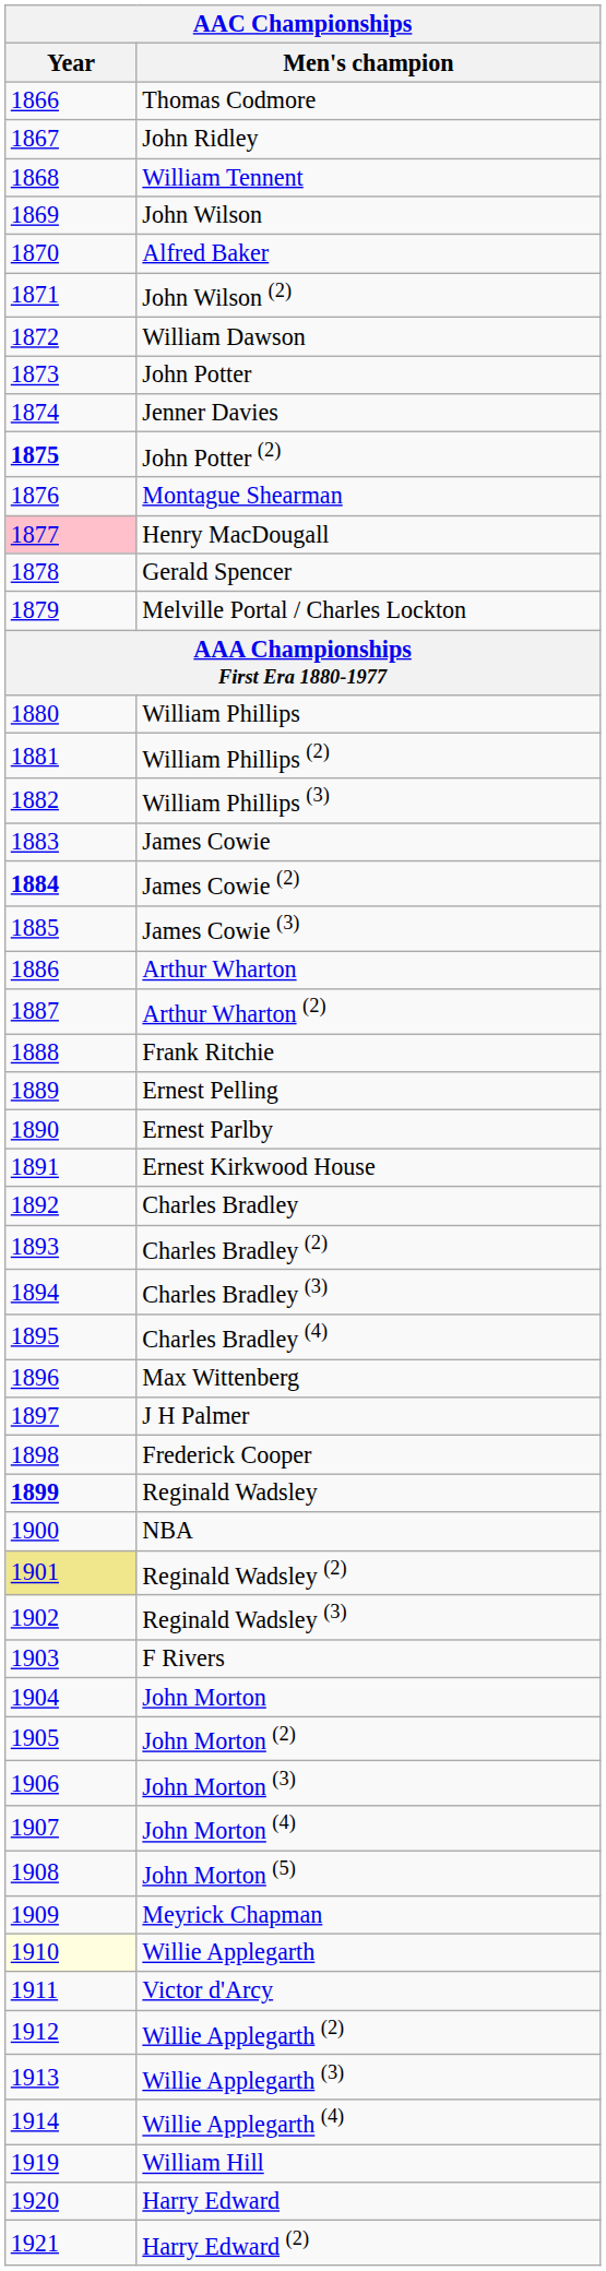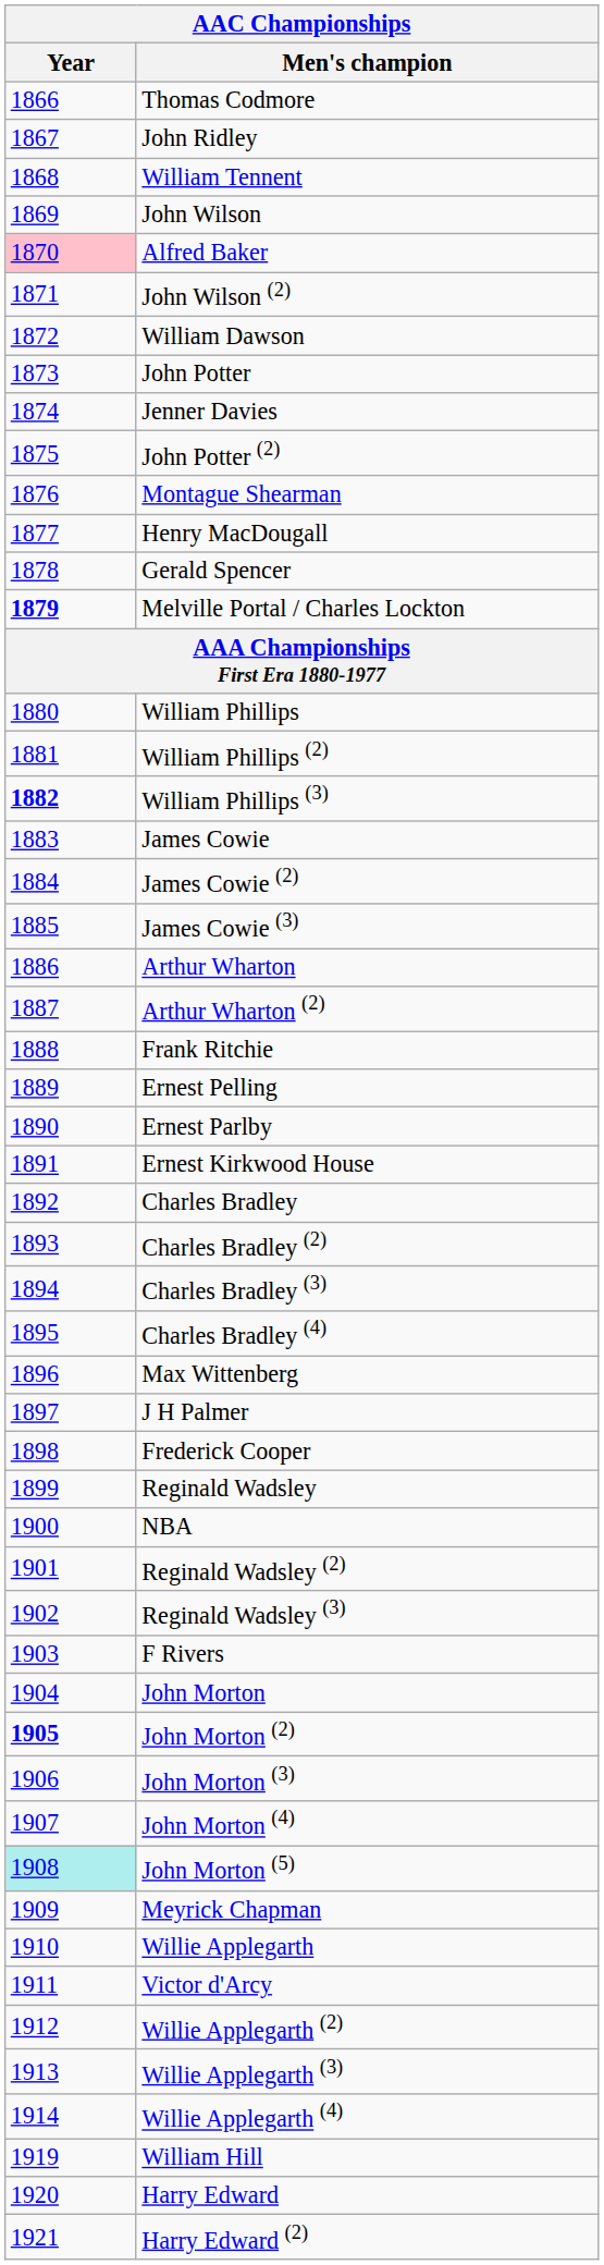 <table class="wikitable">
 <tr>
 <th colspan="2"><a href='#'>AAC Championships</a><br></th>
 </tr>
 <tr>
 <th width=80>Year</th>
 <th width=300>Men's champion</th>
 </tr>
 <tr>
 <td><a href='#'>1866</a></td>
 <td>Thomas Codmore</td>
 </tr>
 <tr>
 <td><a href='#'>1867</a></td>
 <td>John Ridley</td>
 </tr>
 <tr>
 <td><a href='#'>1868</a></td>
 <td><a href='#'>William Tennent</a></td>
 </tr>
 <tr>
 <td><a href='#'>1869</a></td>
 <td>John Wilson</td>
 </tr>
 <tr>
-<td><a href='#'>1870</a></td>
+<td style="background: pink;"><a href='#'>1870</a></td>
 <td><a href='#'>Alfred Baker</a></td>
 </tr>
 <tr>
 <td><a href='#'>1871</a></td>
 <td>John Wilson <sup>(2)</sup></td>
 </tr>
 <tr>
 <td><a href='#'>1872</a></td>
 <td>William Dawson</td>
 </tr>
 <tr>
 <td><a href='#'>1873</a></td>
 <td>John Potter</td>
 </tr>
 <tr>
 <td><a href='#'>1874</a></td>
 <td>Jenner Davies</td>
 </tr>
 <tr>
-<td><strong><a href='#'>1875</a></strong></td>
+<td><a href='#'>1875</a></td>
 <td>John Potter <sup>(2)</sup></td>
 </tr>
 <tr>
 <td><a href='#'>1876</a></td>
 <td><a href='#'>Montague Shearman</a></td>
 </tr>
 <tr>
-<td style="background: pink;"><a href='#'>1877</a></td>
+<td><a href='#'>1877</a></td>
 <td>Henry MacDougall</td>
 </tr>
 <tr>
 <td><a href='#'>1878</a></td>
 <td>Gerald Spencer</td>
 </tr>
 <tr>
-<td><a href='#'>1879</a></td>
+<td><strong><a href='#'>1879</a></strong></td>
 <td>Melville Portal / Charles Lockton</td>
 </tr>
 <tr>
 <th colspan="2"><a href='#'>AAA Championships</a><br><em><small>First Era 1880-1977</small></em></th>
 </tr>
 <tr>
 <td><a href='#'>1880</a></td>
 <td>William Phillips</td>
 </tr>
 <tr>
 <td><a href='#'>1881</a></td>
 <td>William Phillips <sup>(2)</sup></td>
 </tr>
 <tr>
-<td><a href='#'>1882</a></td>
+<td><strong><a href='#'>1882</a></strong></td>
 <td>William Phillips <sup>(3)</sup></td>
 </tr>
 <tr>
 <td><a href='#'>1883</a></td>
 <td>James Cowie</td>
 </tr>
 <tr>
-<td><strong><a href='#'>1884</a></strong></td>
+<td><a href='#'>1884</a></td>
 <td>James Cowie <sup>(2)</sup></td>
 </tr>
 <tr>
 <td><a href='#'>1885</a></td>
 <td>James Cowie <sup>(3)</sup></td>
 </tr>
 <tr>
 <td><a href='#'>1886</a></td>
 <td><a href='#'>Arthur Wharton</a></td>
 </tr>
 <tr>
 <td><a href='#'>1887</a></td>
 <td><a href='#'>Arthur Wharton</a> <sup>(2)</sup></td>
 </tr>
 <tr>
 <td><a href='#'>1888</a></td>
 <td>Frank Ritchie</td>
 </tr>
 <tr>
 <td><a href='#'>1889</a></td>
 <td>Ernest Pelling</td>
 </tr>
 <tr>
 <td><a href='#'>1890</a></td>
 <td>Ernest Parlby</td>
 </tr>
 <tr>
 <td><a href='#'>1891</a></td>
 <td>Ernest Kirkwood House</td>
 </tr>
 <tr>
 <td><a href='#'>1892</a></td>
 <td>Charles Bradley</td>
 </tr>
 <tr>
 <td><a href='#'>1893</a></td>
 <td>Charles Bradley <sup>(2)</sup></td>
 </tr>
 <tr>
 <td><a href='#'>1894</a></td>
 <td>Charles Bradley <sup>(3)</sup></td>
 </tr>
 <tr>
 <td><a href='#'>1895</a></td>
 <td>Charles Bradley <sup>(4)</sup></td>
 </tr>
 <tr>
 <td><a href='#'>1896</a></td>
 <td>Max Wittenberg</td>
 </tr>
 <tr>
 <td><a href='#'>1897</a></td>
 <td>J H Palmer</td>
 </tr>
 <tr>
 <td><a href='#'>1898</a></td>
 <td>Frederick Cooper</td>
 </tr>
 <tr>
-<td><strong><a href='#'>1899</a></strong></td>
+<td><a href='#'>1899</a></td>
 <td>Reginald Wadsley</td>
 </tr>
 <tr>
 <td><a href='#'>1900</a></td>
 <td>NBA</td>
 </tr>
 <tr>
-<td style="background: khaki;"><a href='#'>1901</a></td>
+<td><a href='#'>1901</a></td>
 <td>Reginald Wadsley <sup>(2)</sup></td>
 </tr>
 <tr>
 <td><a href='#'>1902</a></td>
 <td>Reginald Wadsley <sup>(3)</sup></td>
 </tr>
 <tr>
 <td><a href='#'>1903</a></td>
 <td>F Rivers</td>
 </tr>
 <tr>
 <td><a href='#'>1904</a></td>
 <td><a href='#'>John Morton</a></td>
 </tr>
 <tr>
-<td><a href='#'>1905</a></td>
+<td><strong><a href='#'>1905</a></strong></td>
 <td><a href='#'>John Morton</a> <sup>(2)</sup></td>
 </tr>
 <tr>
 <td><a href='#'>1906</a></td>
 <td><a href='#'>John Morton</a> <sup>(3)</sup></td>
 </tr>
 <tr>
 <td><a href='#'>1907</a></td>
 <td><a href='#'>John Morton</a> <sup>(4)</sup></td>
 </tr>
 <tr>
-<td><a href='#'>1908</a></td>
+<td style="background: paleturquoise;"><a href='#'>1908</a></td>
 <td><a href='#'>John Morton</a> <sup>(5)</sup></td>
 </tr>
 <tr>
 <td><a href='#'>1909</a></td>
 <td><a href='#'>Meyrick Chapman</a></td>
 </tr>
 <tr>
-<td style="background: lightyellow;"><a href='#'>1910</a></td>
+<td><a href='#'>1910</a></td>
 <td><a href='#'>Willie Applegarth</a></td>
 </tr>
 <tr>
 <td><a href='#'>1911</a></td>
 <td><a href='#'>Victor d'Arcy</a></td>
 </tr>
 <tr>
 <td><a href='#'>1912</a></td>
 <td><a href='#'>Willie Applegarth</a> <sup>(2)</sup></td>
 </tr>
 <tr>
 <td><a href='#'>1913</a></td>
 <td><a href='#'>Willie Applegarth</a> <sup>(3)</sup></td>
 </tr>
 <tr>
 <td><a href='#'>1914</a></td>
 <td><a href='#'>Willie Applegarth</a> <sup>(4)</sup></td>
 </tr>
 <tr>
 <td><a href='#'>1919</a></td>
 <td><a href='#'>William Hill</a></td>
 </tr>
 <tr>
 <td><a href='#'>1920</a></td>
 <td><a href='#'>Harry Edward</a></td>
 </tr>
 <tr>
 <td><a href='#'>1921</a></td>
 <td><a href='#'>Harry Edward</a> <sup>(2)</sup></td>
 </tr>
 </table>
